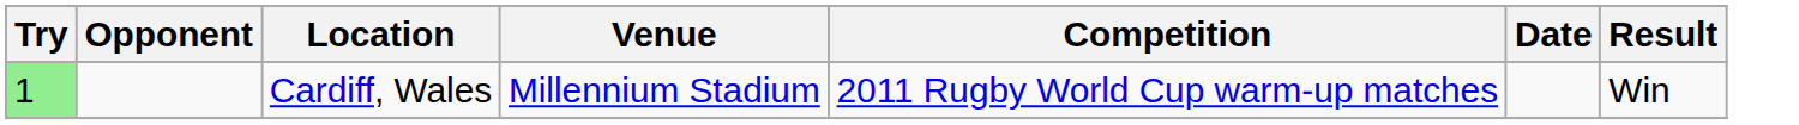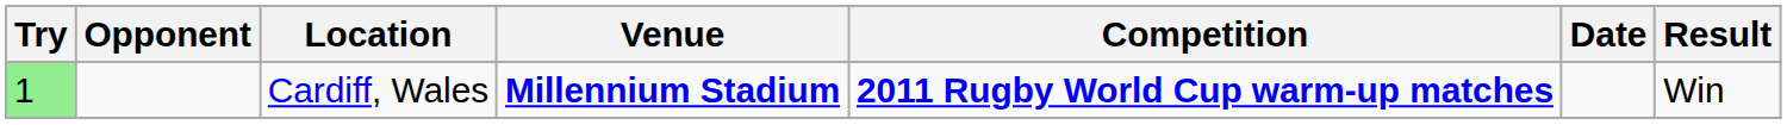 <table class="wikitable sortable" style="font-size:95%">
 <tr>
 <th>Try</th>
 <th>Opponent</th>
 <th>Location</th>
 <th>Venue</th>
 <th>Competition</th>
 <th>Date</th>
 <th>Result</th>
 </tr>
 <tr>
 <td style="background: lightgreen;">1</td>
 <td></td>
 <td><a href='#'>Cardiff</a>, Wales</td>
-<td><a href='#'>Millennium Stadium</a></td>
-<td><a href='#'>2011 Rugby World Cup warm-up matches</a></td>
+<td><strong><a href='#'>Millennium Stadium</a></strong></td>
+<td><strong><a href='#'>2011 Rugby World Cup warm-up matches</a></strong></td>
 <td></td>
 <td>Win</td>
 </tr>
 <tr>
 </tr>
 </table>
